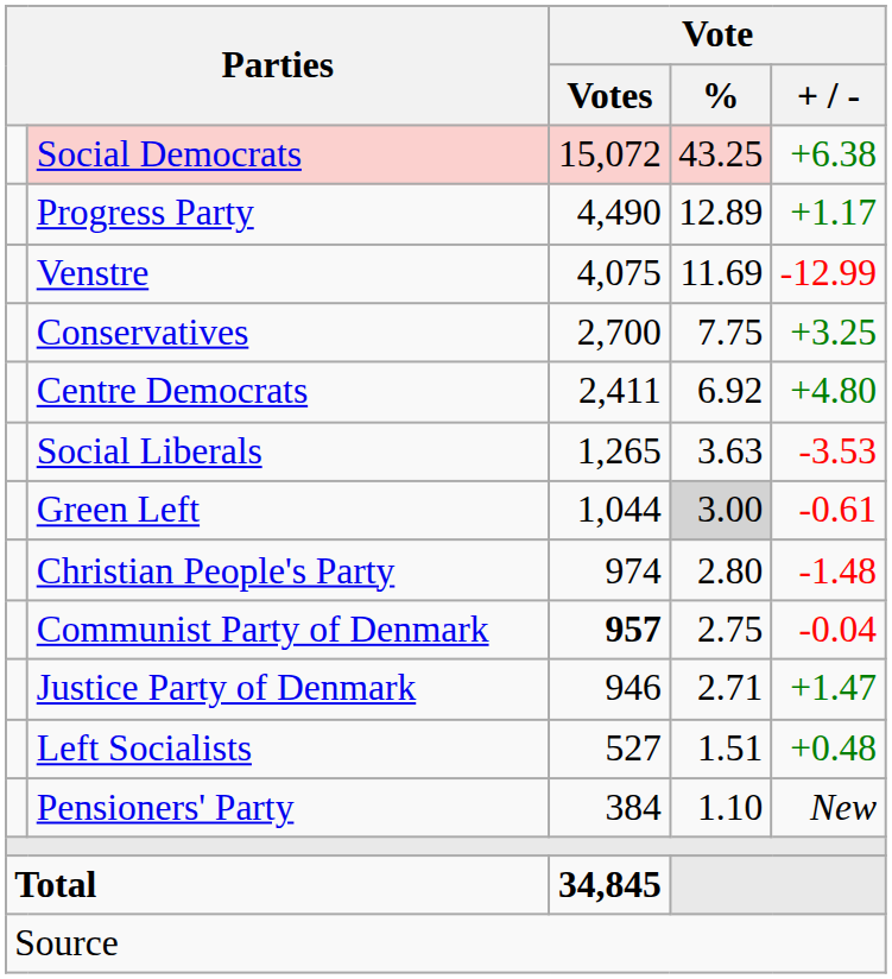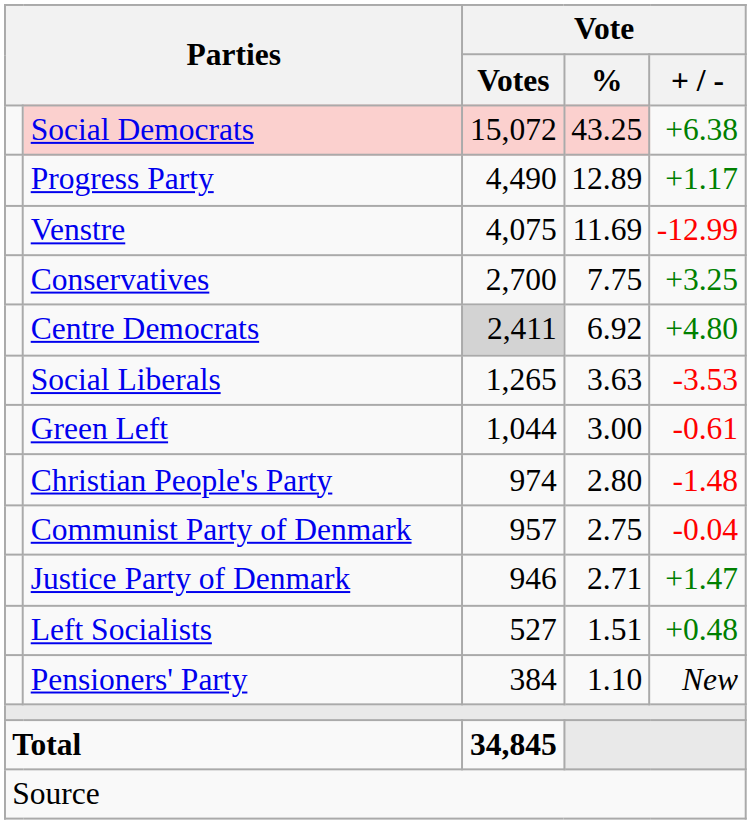 <table class="wikitable" style="text-align:right;">
 <tr>
 <th style="text-align:centre;" rowspan="2" colspan="2" width="225">Parties</th>
 <th colspan="3">Vote</th>
 </tr>
 <tr>
 <th width="15">Votes</th>
 <th width="15">%</th>
 <th width="15">+ / -</th>
 </tr>
 <tr>
 <td width="2" style="color:inherit;background:"></td>
 <td bgcolor=#fbd0ce  align="left"><a href='#'>Social Democrats</a></td>
 <td bgcolor=#fbd0ce>15,072</td>
 <td bgcolor=#fbd0ce>43.25</td>
 <td style=color:green;>+6.38</td>
 </tr>
 <tr>
 <td width="2" style="color:inherit;background:"></td>
 <td align="left"><a href='#'>Progress Party</a></td>
 <td>4,490</td>
 <td>12.89</td>
 <td style=color:green;>+1.17</td>
 </tr>
 <tr>
 <td width="2" style="color:inherit;background:"></td>
 <td align="left"><a href='#'>Venstre</a></td>
 <td>4,075</td>
 <td>11.69</td>
 <td style=color:red;>-12.99</td>
 </tr>
 <tr>
 <td width="2" style="color:inherit;background:"></td>
 <td align="left"><a href='#'>Conservatives</a></td>
 <td>2,700</td>
 <td>7.75</td>
 <td style=color:green;>+3.25</td>
 </tr>
 <tr>
 <td width="2" style="color:inherit;background:"></td>
 <td align="left"><a href='#'>Centre Democrats</a></td>
-<td>2,411</td>
+<td style="background: lightgrey;">2,411</td>
 <td>6.92</td>
 <td style=color:green;>+4.80</td>
 </tr>
 <tr>
 <td width="2" style="color:inherit;background:"></td>
 <td align="left"><a href='#'>Social Liberals</a></td>
 <td>1,265</td>
 <td>3.63</td>
 <td style=color:red;>-3.53</td>
 </tr>
 <tr>
 <td width="2" style="color:inherit;background:"></td>
 <td align="left"><a href='#'>Green Left</a></td>
 <td>1,044</td>
-<td style="background: lightgrey;">3.00</td>
+<td>3.00</td>
 <td style=color:red;>-0.61</td>
 </tr>
 <tr>
 <td width="2" style="color:inherit;background:"></td>
 <td align="left"><a href='#'>Christian People's Party</a></td>
 <td>974</td>
 <td>2.80</td>
 <td style=color:red;>-1.48</td>
 </tr>
 <tr>
 <td width="2" style="color:inherit;background:"></td>
 <td align="left"><a href='#'>Communist Party of Denmark</a></td>
-<td><strong>957</strong></td>
+<td>957</td>
 <td>2.75</td>
 <td style=color:red;>-0.04</td>
 </tr>
 <tr>
 <td width="2" style="color:inherit;background:"></td>
 <td align="left"><a href='#'>Justice Party of Denmark</a></td>
 <td>946</td>
 <td>2.71</td>
 <td style=color:green;>+1.47</td>
 </tr>
 <tr>
 <td width="2" style="color:inherit;background:"></td>
 <td align="left"><a href='#'>Left Socialists</a></td>
 <td>527</td>
 <td>1.51</td>
 <td style=color:green;>+0.48</td>
 </tr>
 <tr>
 <td width="2" style="color:inherit;background:"></td>
 <td align="left"><a href='#'>Pensioners' Party</a></td>
 <td>384</td>
 <td>1.10</td>
 <td><em>New</em></td>
 </tr>
 <tr>
 <td colspan="7" bgcolor="#E9E9E9"></td>
 </tr>
 <tr>
 <td align="left" colspan="2"><strong>Total</strong></td>
 <td><strong>34,845</strong></td>
 <td bgcolor="#E9E9E9" colspan="2"></td>
 </tr>
 <tr>
 <td align="left" colspan="6">Source</td>
 </tr>
 </table>
